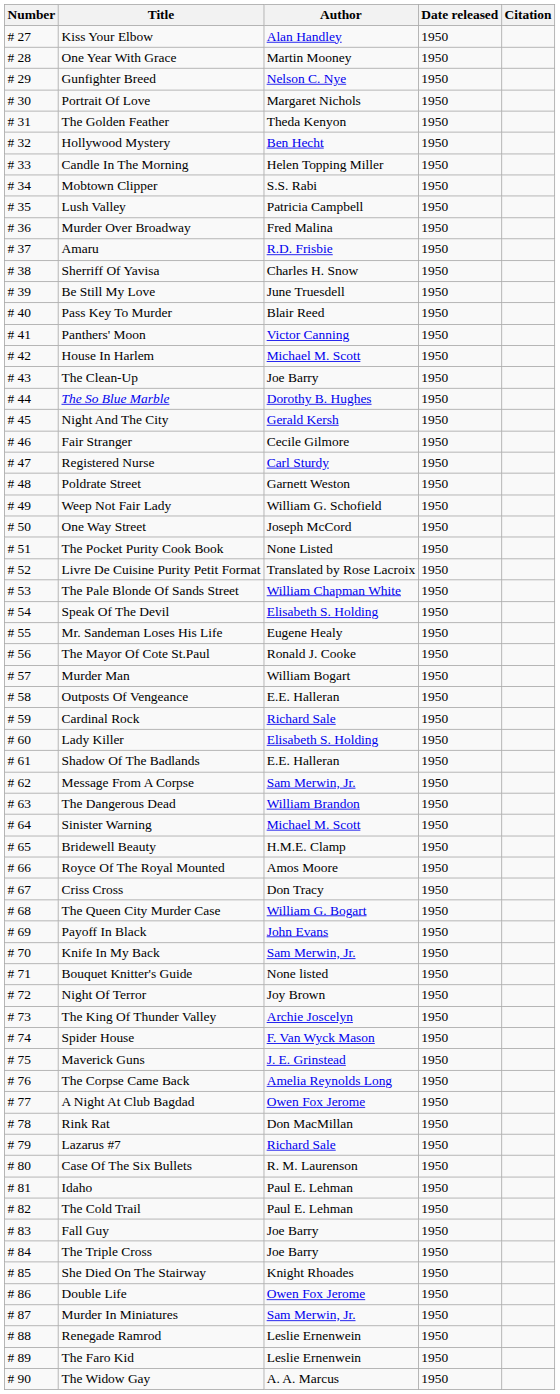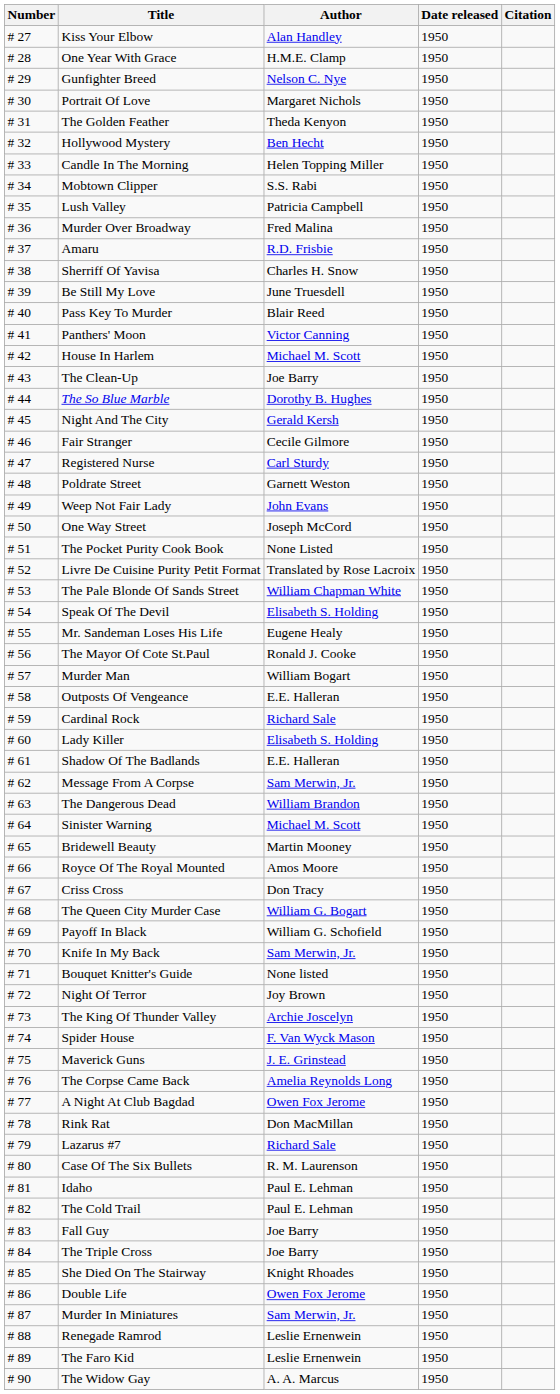 <table class="wikitable">
 <tr>
 <th>Number</th>
 <th>Title</th>
 <th>Author</th>
 <th>Date released</th>
 <th>Citation</th>
 </tr>
 <tr>
 <td># 27</td>
 <td>Kiss Your Elbow</td>
 <td><a href='#'>Alan Handley</a></td>
 <td>1950</td>
 <td></td>
 </tr>
 <tr>
 <td># 28</td>
 <td>One Year With Grace</td>
-<td>Martin Mooney</td>
+<td>H.M.E. Clamp</td>
 <td>1950</td>
 <td></td>
 </tr>
 <tr>
 <td># 29</td>
 <td>Gunfighter Breed</td>
 <td><a href='#'>Nelson C. Nye</a></td>
 <td>1950</td>
 <td></td>
 </tr>
 <tr>
 <td># 30</td>
 <td>Portrait Of Love</td>
 <td>Margaret Nichols</td>
 <td>1950</td>
 <td></td>
 </tr>
 <tr>
 <td># 31</td>
 <td>The Golden Feather</td>
 <td>Theda Kenyon</td>
 <td>1950</td>
 <td></td>
 </tr>
 <tr>
 <td># 32</td>
 <td>Hollywood Mystery</td>
 <td><a href='#'>Ben Hecht</a></td>
 <td>1950</td>
 <td></td>
 </tr>
 <tr>
 <td># 33</td>
 <td>Candle In The Morning</td>
 <td>Helen Topping Miller</td>
 <td>1950</td>
 <td></td>
 </tr>
 <tr>
 <td># 34</td>
 <td>Mobtown Clipper</td>
 <td>S.S. Rabi</td>
 <td>1950</td>
 <td></td>
 </tr>
 <tr>
 <td># 35</td>
 <td>Lush Valley</td>
 <td>Patricia Campbell</td>
 <td>1950</td>
 <td></td>
 </tr>
 <tr>
 <td># 36</td>
 <td>Murder Over Broadway</td>
 <td>Fred Malina</td>
 <td>1950</td>
 <td></td>
 </tr>
 <tr>
 <td># 37</td>
 <td>Amaru</td>
 <td><a href='#'>R.D. Frisbie</a></td>
 <td>1950</td>
 <td></td>
 </tr>
 <tr>
 <td># 38</td>
 <td>Sherriff Of Yavisa</td>
 <td>Charles H. Snow</td>
 <td>1950</td>
 <td></td>
 </tr>
 <tr>
 <td># 39</td>
 <td>Be Still My Love</td>
 <td>June Truesdell</td>
 <td>1950</td>
 <td></td>
 </tr>
 <tr>
 <td># 40</td>
 <td>Pass Key To Murder</td>
 <td>Blair Reed</td>
 <td>1950</td>
 <td></td>
 </tr>
 <tr>
 <td># 41</td>
 <td>Panthers' Moon</td>
 <td><a href='#'>Victor Canning</a></td>
 <td>1950</td>
 <td></td>
 </tr>
 <tr>
 <td># 42</td>
 <td>House In Harlem</td>
 <td><a href='#'>Michael M. Scott</a></td>
 <td>1950</td>
 <td></td>
 </tr>
 <tr>
 <td># 43</td>
 <td>The Clean-Up</td>
 <td>Joe Barry</td>
 <td>1950</td>
 <td></td>
 </tr>
 <tr>
 <td># 44</td>
 <td><em><a href='#'>The So Blue Marble</a></em></td>
 <td><a href='#'>Dorothy B. Hughes</a></td>
 <td>1950</td>
 <td></td>
 </tr>
 <tr>
 <td># 45</td>
 <td>Night And The City</td>
 <td><a href='#'>Gerald Kersh</a></td>
 <td>1950</td>
 <td></td>
 </tr>
 <tr>
 <td># 46</td>
 <td>Fair Stranger</td>
 <td>Cecile Gilmore</td>
 <td>1950</td>
 <td></td>
 </tr>
 <tr>
 <td># 47</td>
 <td>Registered Nurse</td>
 <td><a href='#'>Carl Sturdy</a></td>
 <td>1950</td>
 <td></td>
 </tr>
 <tr>
 <td># 48</td>
 <td>Poldrate Street</td>
 <td>Garnett Weston</td>
 <td>1950</td>
 <td></td>
 </tr>
 <tr>
 <td># 49</td>
 <td>Weep Not Fair Lady</td>
-<td>William G. Schofield</td>
+<td><a href='#'>John Evans</a></td>
 <td>1950</td>
 <td></td>
 </tr>
 <tr>
 <td># 50</td>
 <td>One Way Street</td>
 <td>Joseph McCord</td>
 <td>1950</td>
 <td></td>
 </tr>
 <tr>
 <td># 51</td>
 <td>The Pocket Purity Cook Book</td>
 <td>None Listed</td>
 <td>1950</td>
 <td></td>
 </tr>
 <tr>
 <td># 52</td>
 <td>Livre De Cuisine Purity Petit Format</td>
 <td>Translated by Rose Lacroix</td>
 <td>1950</td>
 <td></td>
 </tr>
 <tr>
 <td># 53</td>
 <td>The Pale Blonde Of Sands Street</td>
 <td><a href='#'>William Chapman White</a></td>
 <td>1950</td>
 <td></td>
 </tr>
 <tr>
 <td># 54</td>
 <td>Speak Of The Devil</td>
 <td><a href='#'>Elisabeth S. Holding</a></td>
 <td>1950</td>
 <td></td>
 </tr>
 <tr>
 <td># 55</td>
 <td>Mr. Sandeman Loses His Life</td>
 <td>Eugene Healy</td>
 <td>1950</td>
 <td></td>
 </tr>
 <tr>
 <td># 56</td>
 <td>The Mayor Of Cote St.Paul</td>
 <td>Ronald J. Cooke</td>
 <td>1950</td>
 <td></td>
 </tr>
 <tr>
 <td># 57</td>
 <td>Murder Man</td>
 <td>William Bogart</td>
 <td>1950</td>
 <td></td>
 </tr>
 <tr>
 <td># 58</td>
 <td>Outposts Of Vengeance</td>
 <td>E.E. Halleran</td>
 <td>1950</td>
 <td></td>
 </tr>
 <tr>
 <td># 59</td>
 <td>Cardinal Rock</td>
 <td><a href='#'>Richard Sale</a></td>
 <td>1950</td>
 <td></td>
 </tr>
 <tr>
 <td># 60</td>
 <td>Lady Killer</td>
 <td><a href='#'>Elisabeth S. Holding</a></td>
 <td>1950</td>
 <td></td>
 </tr>
 <tr>
 <td># 61</td>
 <td>Shadow Of The Badlands</td>
 <td>E.E. Halleran</td>
 <td>1950</td>
 <td></td>
 </tr>
 <tr>
 <td># 62</td>
 <td>Message From A Corpse</td>
 <td><a href='#'>Sam Merwin, Jr.</a></td>
 <td>1950</td>
 <td></td>
 </tr>
 <tr>
 <td># 63</td>
 <td>The Dangerous Dead</td>
 <td><a href='#'>William Brandon</a></td>
 <td>1950</td>
 <td></td>
 </tr>
 <tr>
 <td># 64</td>
 <td>Sinister Warning</td>
 <td><a href='#'>Michael M. Scott</a></td>
 <td>1950</td>
 <td></td>
 </tr>
 <tr>
 <td># 65</td>
 <td>Bridewell Beauty</td>
-<td>H.M.E. Clamp</td>
+<td>Martin Mooney</td>
 <td>1950</td>
 <td></td>
 </tr>
 <tr>
 <td># 66</td>
 <td>Royce Of The Royal Mounted</td>
 <td>Amos Moore</td>
 <td>1950</td>
 <td></td>
 </tr>
 <tr>
 <td># 67</td>
 <td>Criss Cross</td>
 <td>Don Tracy</td>
 <td>1950</td>
 <td></td>
 </tr>
 <tr>
 <td># 68</td>
 <td>The Queen City Murder Case</td>
 <td><a href='#'>William G. Bogart</a></td>
 <td>1950</td>
 <td></td>
 </tr>
 <tr>
 <td># 69</td>
 <td>Payoff In Black</td>
-<td><a href='#'>John Evans</a></td>
+<td>William G. Schofield</td>
 <td>1950</td>
 <td></td>
 </tr>
 <tr>
 <td># 70</td>
 <td>Knife In My Back</td>
 <td><a href='#'>Sam Merwin, Jr.</a></td>
 <td>1950</td>
 <td></td>
 </tr>
 <tr>
 <td># 71</td>
 <td>Bouquet Knitter's Guide</td>
 <td>None listed</td>
 <td>1950</td>
 <td></td>
 </tr>
 <tr>
 <td># 72</td>
 <td>Night Of Terror</td>
 <td>Joy Brown</td>
 <td>1950</td>
 <td></td>
 </tr>
 <tr>
 <td># 73</td>
 <td>The King Of Thunder Valley</td>
 <td><a href='#'>Archie Joscelyn</a></td>
 <td>1950</td>
 <td></td>
 </tr>
 <tr>
 <td># 74</td>
 <td>Spider House</td>
 <td><a href='#'>F. Van Wyck Mason</a></td>
 <td>1950</td>
 <td></td>
 </tr>
 <tr>
 <td># 75</td>
 <td>Maverick Guns</td>
 <td><a href='#'>J. E. Grinstead</a></td>
 <td>1950</td>
 <td></td>
 </tr>
 <tr>
 <td># 76</td>
 <td>The Corpse Came Back</td>
 <td><a href='#'>Amelia Reynolds Long</a></td>
 <td>1950</td>
 <td></td>
 </tr>
 <tr>
 <td># 77</td>
 <td>A Night At Club Bagdad</td>
 <td><a href='#'>Owen Fox Jerome</a></td>
 <td>1950</td>
 <td></td>
 </tr>
 <tr>
 <td># 78</td>
 <td>Rink Rat</td>
 <td>Don MacMillan</td>
 <td>1950</td>
 <td></td>
 </tr>
 <tr>
 <td># 79</td>
 <td>Lazarus #7</td>
 <td><a href='#'>Richard Sale</a></td>
 <td>1950</td>
 <td></td>
 </tr>
 <tr>
 <td># 80</td>
 <td>Case Of The Six Bullets</td>
 <td>R. M. Laurenson</td>
 <td>1950</td>
 <td></td>
 </tr>
 <tr>
 <td># 81</td>
 <td>Idaho</td>
 <td>Paul E. Lehman</td>
 <td>1950</td>
 <td></td>
 </tr>
 <tr>
 <td># 82</td>
 <td>The Cold Trail</td>
 <td>Paul E. Lehman</td>
 <td>1950</td>
 <td></td>
 </tr>
 <tr>
 <td># 83</td>
 <td>Fall Guy</td>
 <td>Joe Barry</td>
 <td>1950</td>
 <td></td>
 </tr>
 <tr>
 <td># 84</td>
 <td>The Triple Cross</td>
 <td>Joe Barry</td>
 <td>1950</td>
 <td></td>
 </tr>
 <tr>
 <td># 85</td>
 <td>She Died On The Stairway</td>
 <td>Knight Rhoades</td>
 <td>1950</td>
 <td></td>
 </tr>
 <tr>
 <td># 86</td>
 <td>Double Life</td>
 <td><a href='#'>Owen Fox Jerome</a></td>
 <td>1950</td>
 <td></td>
 </tr>
 <tr>
 <td># 87</td>
 <td>Murder In Miniatures</td>
 <td><a href='#'>Sam Merwin, Jr.</a></td>
 <td>1950</td>
 <td></td>
 </tr>
 <tr>
 <td># 88</td>
 <td>Renegade Ramrod</td>
 <td>Leslie Ernenwein</td>
 <td>1950</td>
 <td></td>
 </tr>
 <tr>
 <td># 89</td>
 <td>The Faro Kid</td>
 <td>Leslie Ernenwein</td>
 <td>1950</td>
 <td></td>
 </tr>
 <tr>
 <td># 90</td>
 <td>The Widow Gay</td>
 <td>A. A. Marcus</td>
 <td>1950</td>
 <td></td>
 </tr>
 </table>
